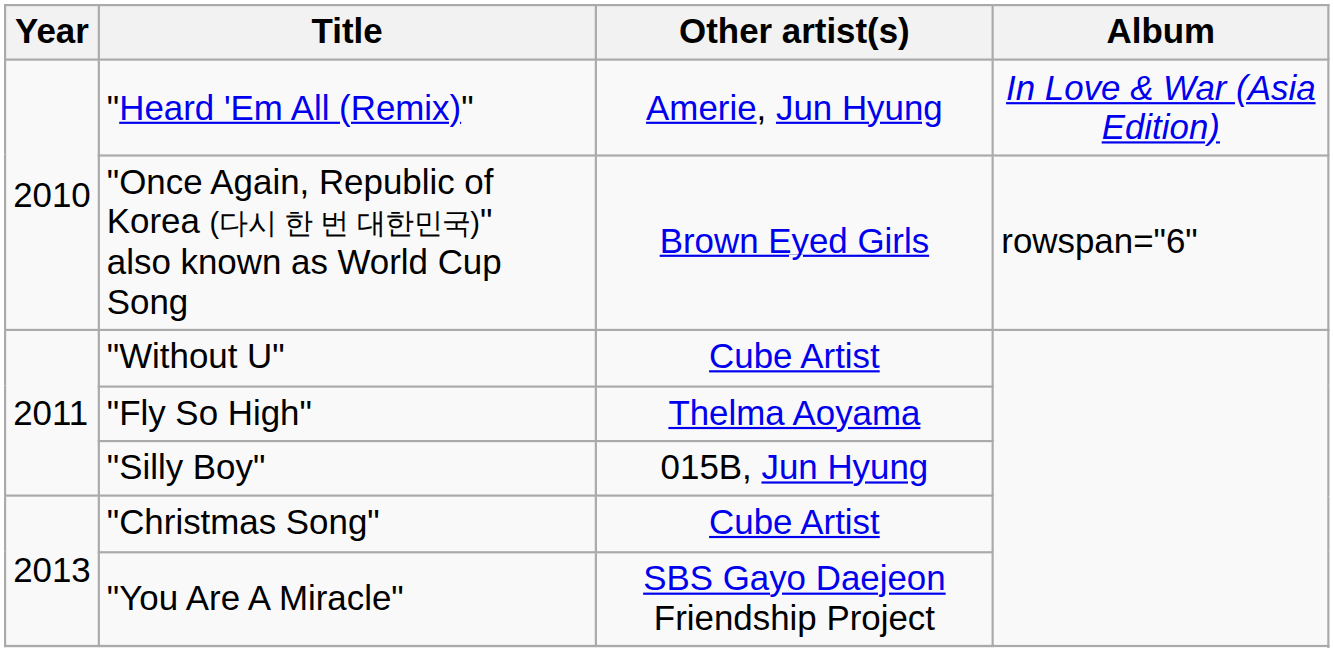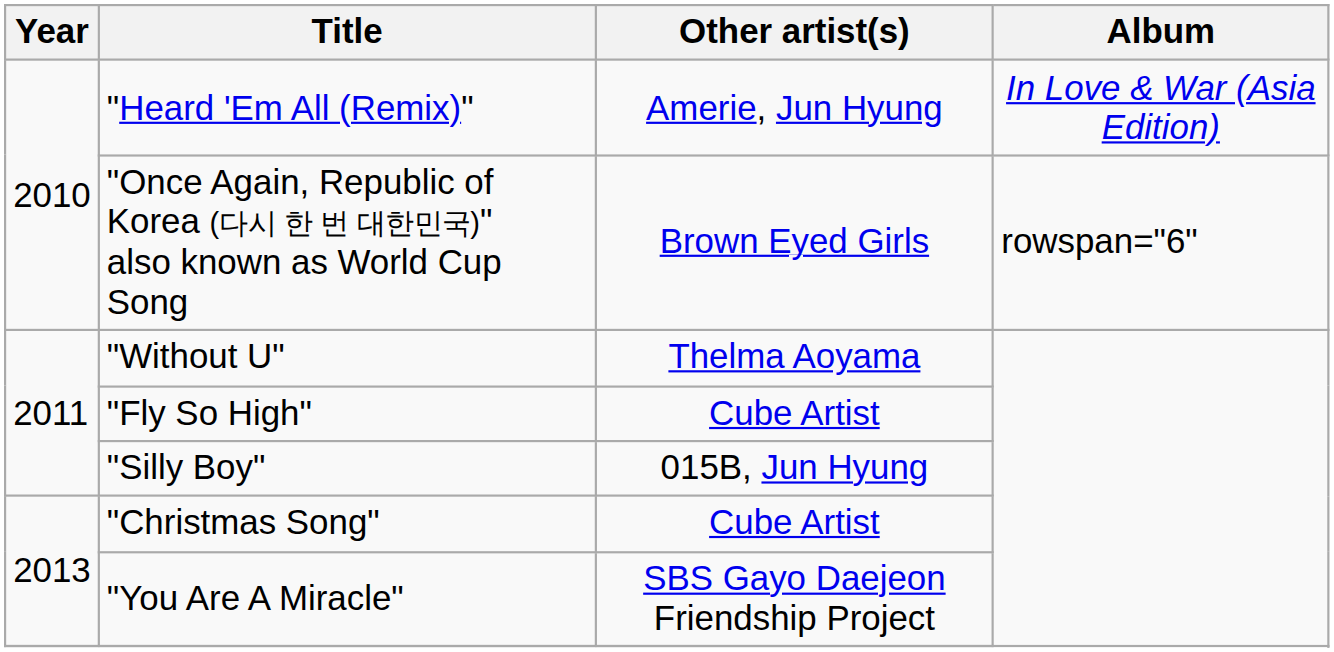 <table class="wikitable">
 <tr>
 <th>Year</th>
 <th>Title</th>
 <th>Other artist(s)</th>
 <th>Album</th>
 </tr>
 <tr>
 <td rowspan="2">2010</td>
 <td>"<a href='#'>Heard 'Em All (Remix)</a>"</td>
 <td style="text-align:center;"><a href='#'>Amerie</a>, <a href='#'>Jun Hyung</a></td>
 <td style="text-align:center;"><em><a href='#'>In Love & War (Asia Edition)</a></em></td>
 </tr>
 <tr>
 <td>"Once Again, Republic of Korea <small>(다시 한 번 대한민국)</small>"<br>also known as World Cup Song</td>
 <td style="text-align:center;"><a href='#'>Brown Eyed Girls</a></td>
 <td>rowspan="6" </td>
 </tr>
 <tr>
 <td rowspan="3">2011</td>
 <td>"Without U"</td>
-<td style="text-align:center;"><a href='#'>Cube Artist</a></td>
+<td style="text-align:center;"><a href='#'>Thelma Aoyama</a></td>
 </tr>
 <tr>
 <td>"Fly So High"</td>
-<td style="text-align:center;"><a href='#'>Thelma Aoyama</a></td>
+<td style="text-align:center;"><a href='#'>Cube Artist</a></td>
 </tr>
 <tr>
 <td>"Silly Boy"</td>
 <td style="text-align:center;">015B, <a href='#'>Jun Hyung</a></td>
 </tr>
 <tr>
 <td rowspan="2">2013</td>
 <td>"Christmas Song"</td>
 <td style="text-align:center;"><a href='#'>Cube Artist</a></td>
 </tr>
 <tr>
 <td>"You Are A Miracle"</td>
 <td style="text-align:center;"><a href='#'>SBS Gayo Daejeon</a> Friendship Project</td>
 </tr>
 <tr>
 </tr>
 </table>
